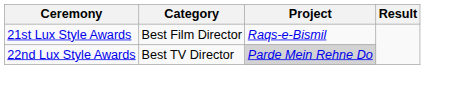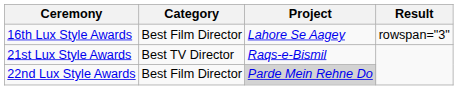 <table class="wikitable plainrowsheader sortable">
 <tr>
 <th>Ceremony</th>
 <th>Category</th>
 <th>Project</th>
 <th>Result</th>
 </tr>
 <tr>
+<td><a href='#'>16th Lux Style Awards</a></td>
+<td>Best Film Director</td>
+<td><em><a href='#'>Lahore Se Aagey</a></em></td>
+<td>rowspan="3" </td>
+</tr>
+<tr>
 <td><a href='#'>21st Lux Style Awards</a></td>
-<td>Best Film Director</td>
+<td>Best TV Director</td>
 <td><em><a href='#'>Raqs-e-Bismil</a></em></td>
 </tr>
 <tr>
 <td><a href='#'>22nd Lux Style Awards</a></td>
-<td>Best TV Director</td>
+<td>Best Film Director</td>
 <td style="background: lightgrey;"><em><a href='#'>Parde Mein Rehne Do</a></em></td>
 </tr>
 </table>
